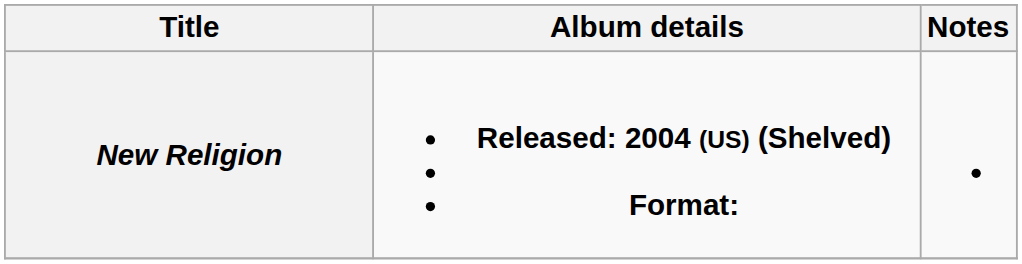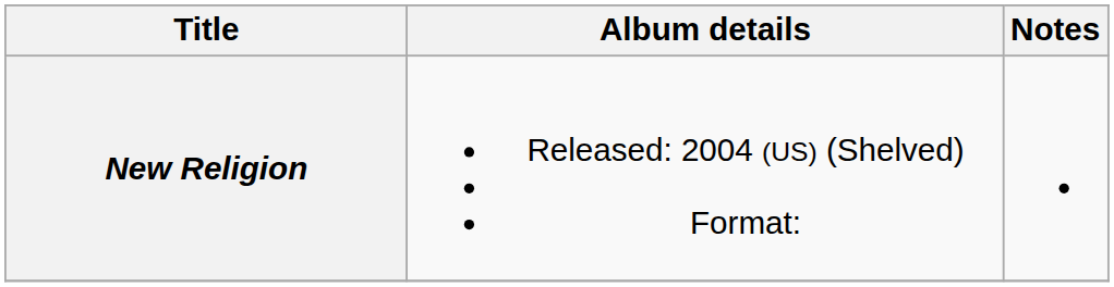 <table class="wikitable plainrowheaders" style="text-align:center;">
 <tr>
 <th scope="col" style="width:12em;">Title</th>
 <th scope="col" style="width:18em;">Album details</th>
 <th scope="col">Notes</th>
 </tr>
 <tr>
 <th scope="row"><em>New Religion</em></th>
-<td><strong><br><ul><li>Released: 2004 <small>(US)</small> (Shelved)</li><li></li><li>Format:</li></ul></strong></td>
+<td><br><ul><li>Released: 2004 <small>(US)</small> (Shelved)</li><li></li><li>Format:</li></ul></td>
 <td><br><ul><li></li></ul></td>
 </tr>
 <tr>
 </tr>
 </table>
